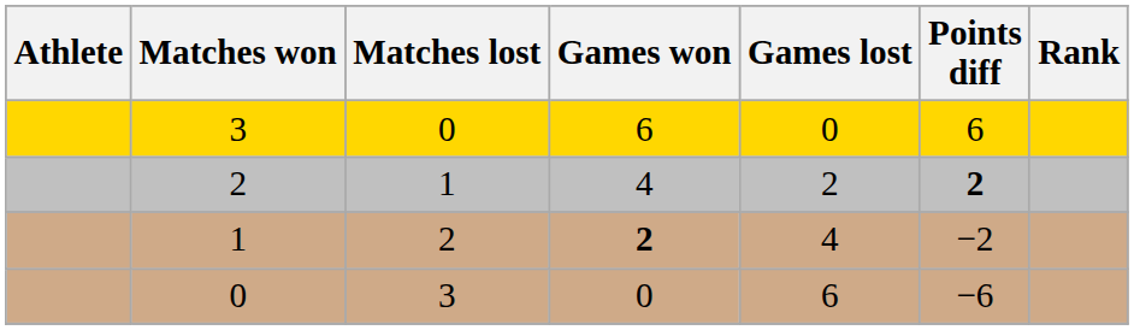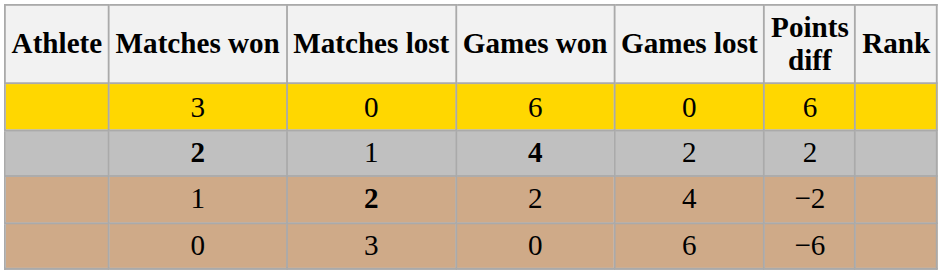 <table class="wikitable">
 <tr>
 <th>Athlete</th>
 <th>Matches won</th>
 <th>Matches lost</th>
 <th>Games won</th>
 <th>Games lost</th>
 <th>Points<br>diff</th>
 <th>Rank</th>
 </tr>
 <tr bgcolor=gold>
 <td></td>
 <td align="center">3</td>
 <td align="center">0</td>
 <td align="center">6</td>
 <td align="center">0</td>
 <td align="center">6</td>
 <td align="center"></td>
 </tr>
 <tr bgcolor=silver>
 <td></td>
+<td align="center"><strong>2</strong></td>
+<td align="center">1</td>
+<td align="center"><strong>4</strong></td>
 <td align="center">2</td>
-<td align="center">1</td>
-<td align="center">4</td>
 <td align="center">2</td>
-<td align="center"><strong>2</strong></td>
 <td align="center"></td>
 </tr>
 <tr bgcolor=#CFAA88>
 <td></td>
 <td align="center">1</td>
+<td align="center"><strong>2</strong></td>
 <td align="center">2</td>
-<td align="center"><strong>2</strong></td>
 <td align="center">4</td>
 <td align="center">−2</td>
 <td align="center"></td>
 </tr>
 <tr bgcolor=#CFAA88>
 <td></td>
 <td align="center">0</td>
 <td align="center">3</td>
 <td align="center">0</td>
 <td align="center">6</td>
 <td align="center">−6</td>
 <td align="center"></td>
 </tr>
 <tr>
 </tr>
 </table>
